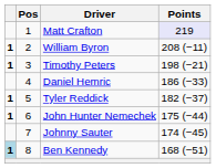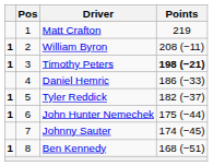 <table class="wikitable" style="font-size: 95%;">
 <tr>
 <th></th>
 <th>Pos</th>
 <th>Driver</th>
 <th>Points</th>
 </tr>
 <tr>
 <td align="left"></td>
 <td style="text-align:center;">1</td>
 <td><a href='#'>Matt Crafton</a></td>
-<td style="background: lavender; text-align:center;">219</td>
+<td style="text-align:center;">219</td>
 </tr>
 <tr>
 <td align="left"> <strong>1</strong></td>
 <td style="text-align:center;">2</td>
 <td><a href='#'>William Byron</a></td>
 <td style="text-align:center;">208 (−11)</td>
 </tr>
 <tr>
 <td align="left"> <strong>1</strong></td>
 <td style="text-align:center;">3</td>
 <td><a href='#'>Timothy Peters</a></td>
-<td style="text-align:center;">198 (−21)</td>
+<td style="text-align:center;"><strong>198 (−21)</strong></td>
 </tr>
 <tr>
 <td align="left"></td>
 <td style="text-align:center;">4</td>
 <td><a href='#'>Daniel Hemric</a></td>
 <td style="text-align:center;">186 (−33)</td>
 </tr>
 <tr>
 <td align="left"> <strong>1</strong></td>
 <td style="text-align:center;">5</td>
 <td><a href='#'>Tyler Reddick</a></td>
 <td style="text-align:center;">182 (−37)</td>
 </tr>
 <tr>
 <td align="left"> <strong>1</strong></td>
 <td style="text-align:center;">6</td>
 <td><a href='#'>John Hunter Nemechek</a></td>
 <td style="text-align:center;">175 (−44)</td>
 </tr>
 <tr>
 <td align="left"></td>
 <td style="text-align:center;">7</td>
 <td><a href='#'>Johnny Sauter</a></td>
 <td style="text-align:center;">174 (−45)</td>
 </tr>
 <tr>
-<td align="left" style="background: lightblue;"> <strong>1</strong></td>
+<td align="left"> <strong>1</strong></td>
 <td style="text-align:center;">8</td>
 <td><a href='#'>Ben Kennedy</a></td>
 <td style="text-align:center;">168 (−51)</td>
 </tr>
 <tr class="sortbottom">
 <th colspan="9"></th>
 </tr>
 </table>
